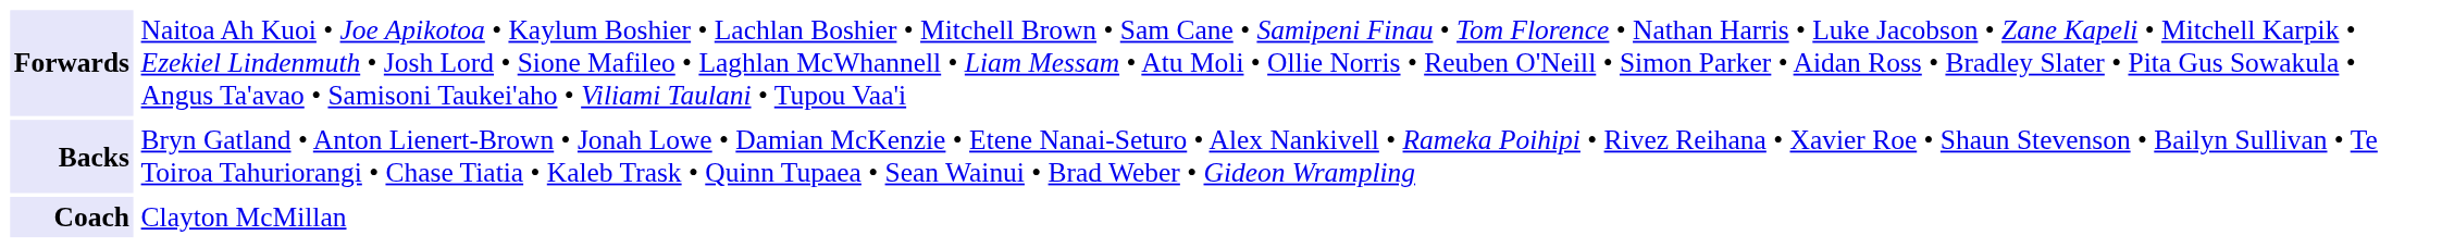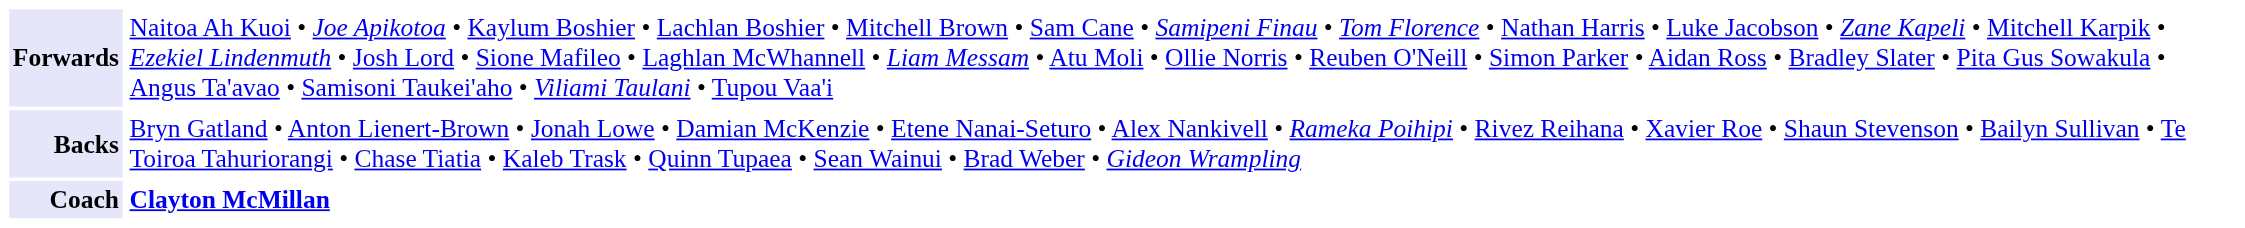 <table cellpadding="2" style="border: 1px solid white; font-size:90%;">
 <tr>
 <td style="text-align:right;" bgcolor="lavender"><strong>Forwards</strong></td>
 <td style="text-align:left;"><a href='#'>Naitoa Ah Kuoi</a> • <em><a href='#'>Joe Apikotoa</a></em> • <a href='#'>Kaylum Boshier</a> • <a href='#'>Lachlan Boshier</a> • <a href='#'>Mitchell Brown</a> • <a href='#'>Sam Cane</a> • <em><a href='#'>Samipeni Finau</a></em> • <em><a href='#'>Tom Florence</a></em> • <a href='#'>Nathan Harris</a> • <a href='#'>Luke Jacobson</a> • <em><a href='#'>Zane Kapeli</a></em> • <a href='#'>Mitchell Karpik</a> • <em><a href='#'>Ezekiel Lindenmuth</a></em> • <a href='#'>Josh Lord</a> • <a href='#'>Sione Mafileo</a> • <a href='#'>Laghlan McWhannell</a> • <em><a href='#'>Liam Messam</a></em> • <a href='#'>Atu Moli</a> • <a href='#'>Ollie Norris</a> • <a href='#'>Reuben O'Neill</a> • <a href='#'>Simon Parker</a> • <a href='#'>Aidan Ross</a> • <a href='#'>Bradley Slater</a> • <a href='#'>Pita Gus Sowakula</a> • <a href='#'>Angus Ta'avao</a> • <a href='#'>Samisoni Taukei'aho</a> • <em><a href='#'>Viliami Taulani</a></em> • <a href='#'>Tupou Vaa'i</a></td>
 </tr>
 <tr>
 <td style="text-align:right;" bgcolor="lavender"><strong>Backs</strong></td>
 <td style="text-align:left;"><a href='#'>Bryn Gatland</a> • <a href='#'>Anton Lienert-Brown</a> • <a href='#'>Jonah Lowe</a> • <a href='#'>Damian McKenzie</a> • <a href='#'>Etene Nanai-Seturo</a> • <a href='#'>Alex Nankivell</a> • <em><a href='#'>Rameka Poihipi</a></em> • <a href='#'>Rivez Reihana</a> • <a href='#'>Xavier Roe</a> • <a href='#'>Shaun Stevenson</a> • <a href='#'>Bailyn Sullivan</a> • <a href='#'>Te Toiroa Tahuriorangi</a> • <a href='#'>Chase Tiatia</a> • <a href='#'>Kaleb Trask</a> • <a href='#'>Quinn Tupaea</a> • <a href='#'>Sean Wainui</a> • <a href='#'>Brad Weber</a> • <em><a href='#'>Gideon Wrampling</a></em></td>
 </tr>
 <tr>
 <td style="text-align:right;" bgcolor="lavender"><strong>Coach</strong></td>
-<td style="text-align:left;"><a href='#'>Clayton McMillan</a></td>
+<td style="text-align:left;"><strong><a href='#'>Clayton McMillan</a></strong></td>
 </tr>
 </table>
